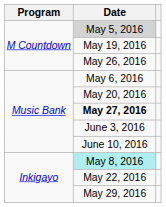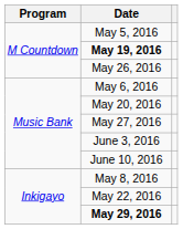 <table class="wikitable sortable plainrowheaders" style="text-align:center">
 <tr>
 <th>Program</th>
 <th width="120">Date</th>
 <th class="unsortable"></th>
 </tr>
 <tr>
 <td rowspan="3"><em><a href='#'>M Countdown</a></em></td>
-<td style="background: lightgrey;">May 5, 2016</td>
+<td>May 5, 2016</td>
 <td></td>
 </tr>
 <tr>
-<td>May 19, 2016</td>
+<td><strong>May 19, 2016</strong></td>
 <td></td>
 </tr>
 <tr>
 <td>May 26, 2016</td>
 <td></td>
 </tr>
 <tr>
 <td rowspan="5"><em><a href='#'>Music Bank</a></em></td>
 <td>May 6, 2016</td>
 <td></td>
 </tr>
 <tr>
 <td>May 20, 2016</td>
 <td></td>
 </tr>
 <tr>
-<td><strong>May 27, 2016</strong></td>
+<td>May 27, 2016</td>
 <td></td>
 </tr>
 <tr>
 <td>June 3, 2016</td>
 <td></td>
 </tr>
 <tr>
 <td>June 10, 2016</td>
 <td></td>
 </tr>
 <tr>
 <td rowspan="3"><em><a href='#'>Inkigayo</a></em></td>
-<td style="background: paleturquoise;">May 8, 2016</td>
+<td>May 8, 2016</td>
 <td></td>
 </tr>
 <tr>
 <td>May 22, 2016</td>
 <td></td>
 </tr>
 <tr>
-<td>May 29, 2016</td>
+<td><strong>May 29, 2016</strong></td>
 <td></td>
 </tr>
 </table>
